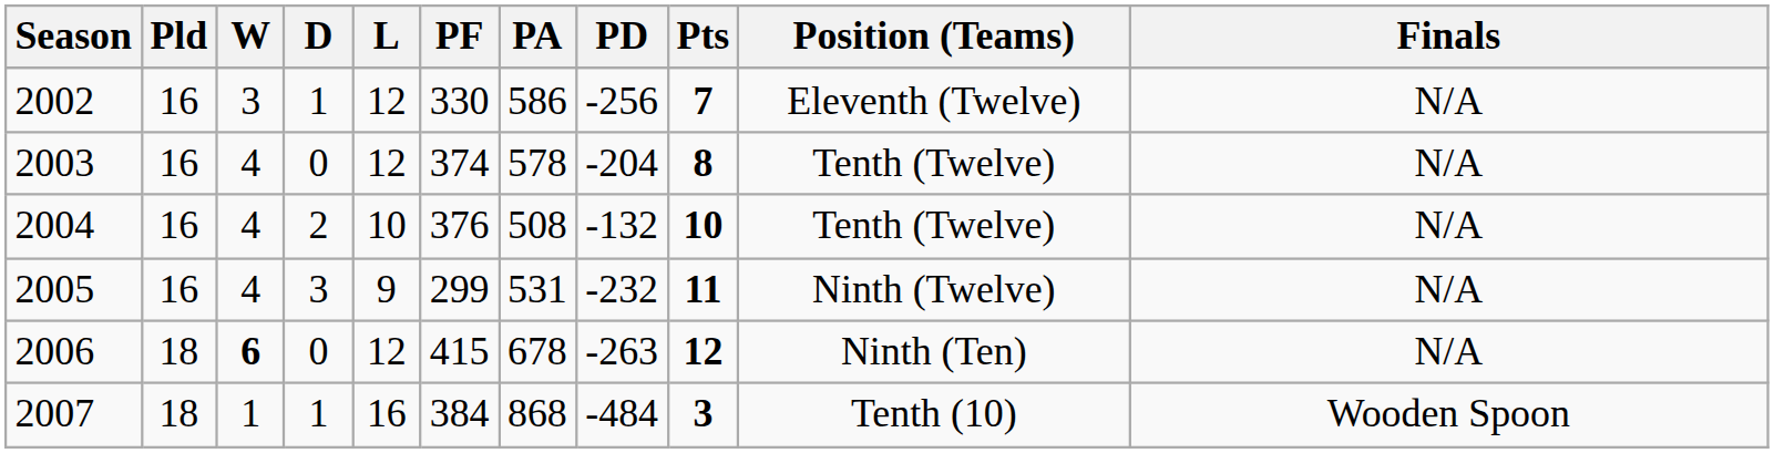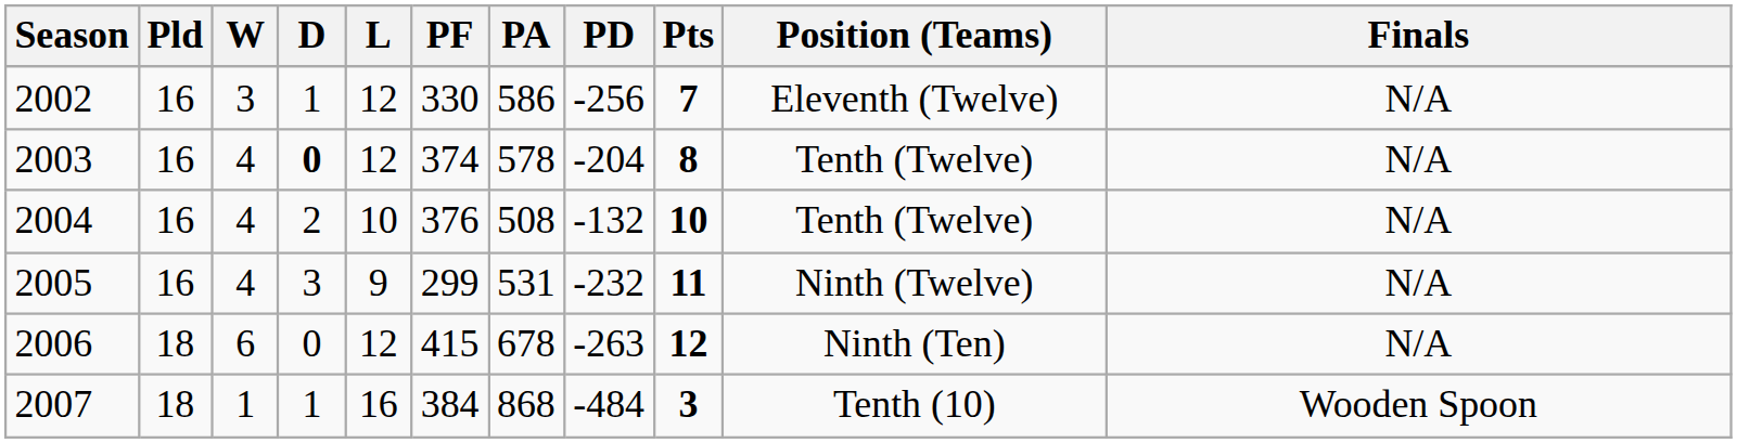 <table class="wikitable" style="text-align:center;">
 <tr>
 <th width=30>Season</th>
 <th width=20 abbr="Played">Pld</th>
 <th width=20 abbr="Won">W</th>
 <th width=20 abbr="Drawn">D</th>
 <th width=20 abbr="Lost">L</th>
 <th width=20 abbr="Points for">PF</th>
 <th width=20 abbr="Points against">PA</th>
 <th width=20 abbr="Points difference">PD</th>
 <th width=20 abbr="Points">Pts</th>
 <th width=150>Position (Teams)</th>
 <th width=250>Finals</th>
 </tr>
 <tr>
 </tr>
 <tr>
 <td style="text-align:left;">2002</td>
 <td>16</td>
 <td>3</td>
 <td>1</td>
 <td>12</td>
 <td>330</td>
 <td>586</td>
 <td>-256</td>
 <td><strong>7</strong></td>
 <td>Eleventh (Twelve)</td>
 <td>N/A</td>
 </tr>
 <tr>
 <td style="text-align:left;">2003</td>
 <td>16</td>
 <td>4</td>
-<td>0</td>
+<td><strong>0</strong></td>
 <td>12</td>
 <td>374</td>
 <td>578</td>
 <td>-204</td>
 <td><strong>8</strong></td>
 <td>Tenth (Twelve)</td>
 <td>N/A</td>
 </tr>
 <tr>
 <td style="text-align:left;">2004</td>
 <td>16</td>
 <td>4</td>
 <td>2</td>
 <td>10</td>
 <td>376</td>
 <td>508</td>
 <td>-132</td>
 <td><strong>10</strong></td>
 <td>Tenth (Twelve)</td>
 <td>N/A</td>
 </tr>
 <tr>
 <td style="text-align:left;">2005</td>
 <td>16</td>
 <td>4</td>
 <td>3</td>
 <td>9</td>
 <td>299</td>
 <td>531</td>
 <td>-232</td>
 <td><strong>11</strong></td>
 <td>Ninth (Twelve)</td>
 <td>N/A</td>
 </tr>
 <tr>
 <td style="text-align:left;">2006</td>
 <td>18</td>
-<td><strong>6</strong></td>
+<td>6</td>
 <td>0</td>
 <td>12</td>
 <td>415</td>
 <td>678</td>
 <td>-263</td>
 <td><strong>12</strong></td>
 <td>Ninth (Ten)</td>
 <td>N/A</td>
 </tr>
 <tr>
 <td style="text-align:left;">2007</td>
 <td>18</td>
 <td>1</td>
 <td>1</td>
 <td>16</td>
 <td>384</td>
 <td>868</td>
 <td>-484</td>
 <td><strong>3</strong></td>
 <td>Tenth (10)</td>
 <td>Wooden Spoon</td>
 </tr>
 </table>
